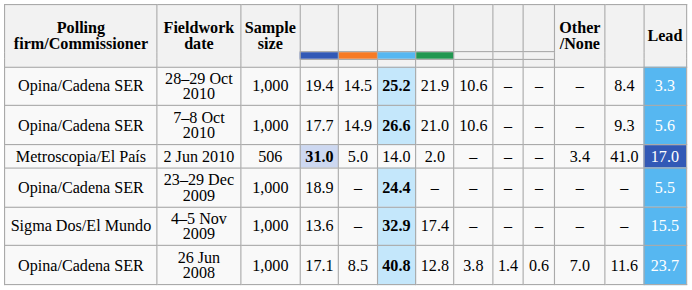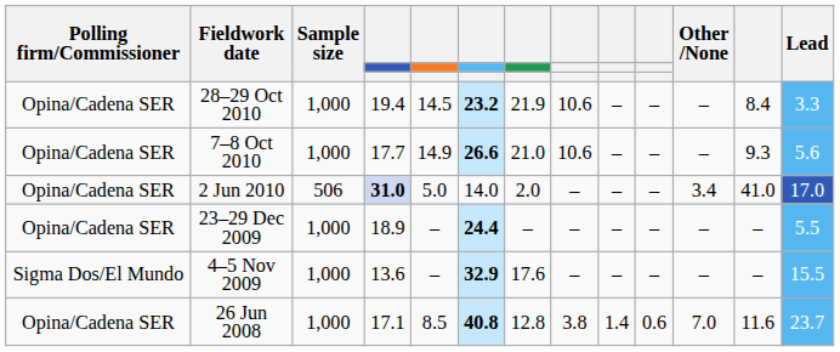 <table class="wikitable collapsible collapsed" style="text-align:center; font-size:90%; line-height:14px;">
 <tr style="height:42px;">
 <th style="width:260px;" rowspan="3">Polling firm/Commissioner</th>
 <th style="width:125px;" rowspan="3">Fieldwork date</th>
 <th style="width:60px;" rowspan="3">Sample size</th>
 <th style="width:60px;"></th>
 <th style="width:60px;"></th>
 <th style="width:60px;"></th>
 <th style="width:60px;"></th>
 <th style="width:60px;"></th>
 <th style="width:60px;"></th>
 <th style="width:60px;"></th>
 <th style="width:60px;" rowspan="3">Other<br>/None</th>
 <th style="width:60px;" rowspan="3"></th>
 <th style="width:30px;" rowspan="3">Lead</th>
 </tr>
 <tr>
 <th style="color:inherit;background:#3259B6;"></th>
 <th style="color:inherit;background:#F77B25;"></th>
 <th style="color:inherit;background:#56B7F1;"></th>
 <th style="color:inherit;background:#229751;"></th>
 <th style="color:inherit;background:"></th>
 <th style="color:inherit;background:"></th>
 <th style="color:inherit;background:"></th>
 </tr>
 <tr>
 <th></th>
 <th></th>
 <th></th>
 <th></th>
 <th></th>
 <th></th>
 <th></th>
 </tr>
 <tr>
 <td>Opina/Cadena SER</td>
 <td>28–29 Oct 2010</td>
 <td>1,000</td>
 <td>19.4</td>
 <td>14.5</td>
-<td style="color:inherit;background:#C4E7FB;"><strong>25.2</strong></td>
+<td style="color:inherit;background:#C4E7FB;"><strong>23.2</strong></td>
 <td>21.9</td>
 <td>10.6</td>
 <td>–</td>
 <td>–</td>
 <td>–</td>
 <td>8.4</td>
 <td style="color:inherit;background:#56B7F1; color:white;">3.3</td>
 </tr>
 <tr>
 <td>Opina/Cadena SER</td>
 <td>7–8 Oct 2010</td>
 <td>1,000</td>
 <td>17.7</td>
 <td>14.9</td>
 <td style="color:inherit;background:#C4E7FB;"><strong>26.6</strong></td>
 <td>21.0</td>
 <td>10.6</td>
 <td>–</td>
 <td>–</td>
 <td>–</td>
 <td>9.3</td>
 <td style="color:inherit;background:#56B7F1; color:white;">5.6</td>
 </tr>
 <tr>
-<td>Metroscopia/El País</td>
+<td>Opina/Cadena SER</td>
 <td>2 Jun 2010</td>
 <td>506</td>
 <td style="color:inherit;background:#CDD8F1;"><strong>31.0</strong></td>
 <td>5.0</td>
 <td>14.0</td>
 <td>2.0</td>
 <td>–</td>
 <td>–</td>
 <td>–</td>
 <td>3.4</td>
 <td>41.0</td>
 <td style="color:inherit;background:#3259B6; color:white;">17.0</td>
 </tr>
 <tr>
 <td>Opina/Cadena SER</td>
 <td>23–29 Dec 2009</td>
 <td>1,000</td>
 <td>18.9</td>
 <td>–</td>
 <td style="color:inherit;background:#C4E7FB;"><strong>24.4</strong></td>
 <td>–</td>
 <td>–</td>
 <td>–</td>
 <td>–</td>
 <td>–</td>
 <td>–</td>
 <td style="color:inherit;background:#56B7F1; color:white;">5.5</td>
 </tr>
 <tr>
 <td>Sigma Dos/El Mundo</td>
 <td>4–5 Nov 2009</td>
 <td>1,000</td>
 <td>13.6</td>
 <td>–</td>
 <td style="color:inherit;background:#C4E7FB;"><strong>32.9</strong></td>
-<td>17.4</td>
+<td>17.6</td>
 <td>–</td>
 <td>–</td>
 <td>–</td>
 <td>–</td>
 <td>–</td>
 <td style="color:inherit;background:#56B7F1; color:white;">15.5</td>
 </tr>
 <tr>
 <td>Opina/Cadena SER</td>
 <td>26 Jun 2008</td>
 <td>1,000</td>
 <td>17.1</td>
 <td>8.5</td>
 <td style="color:inherit;background:#C4E7FB;"><strong>40.8</strong></td>
 <td>12.8</td>
 <td>3.8</td>
 <td>1.4</td>
 <td>0.6</td>
 <td>7.0</td>
 <td>11.6</td>
 <td style="color:inherit;background:#56B7F1; color:white;">23.7</td>
 </tr>
 </table>
